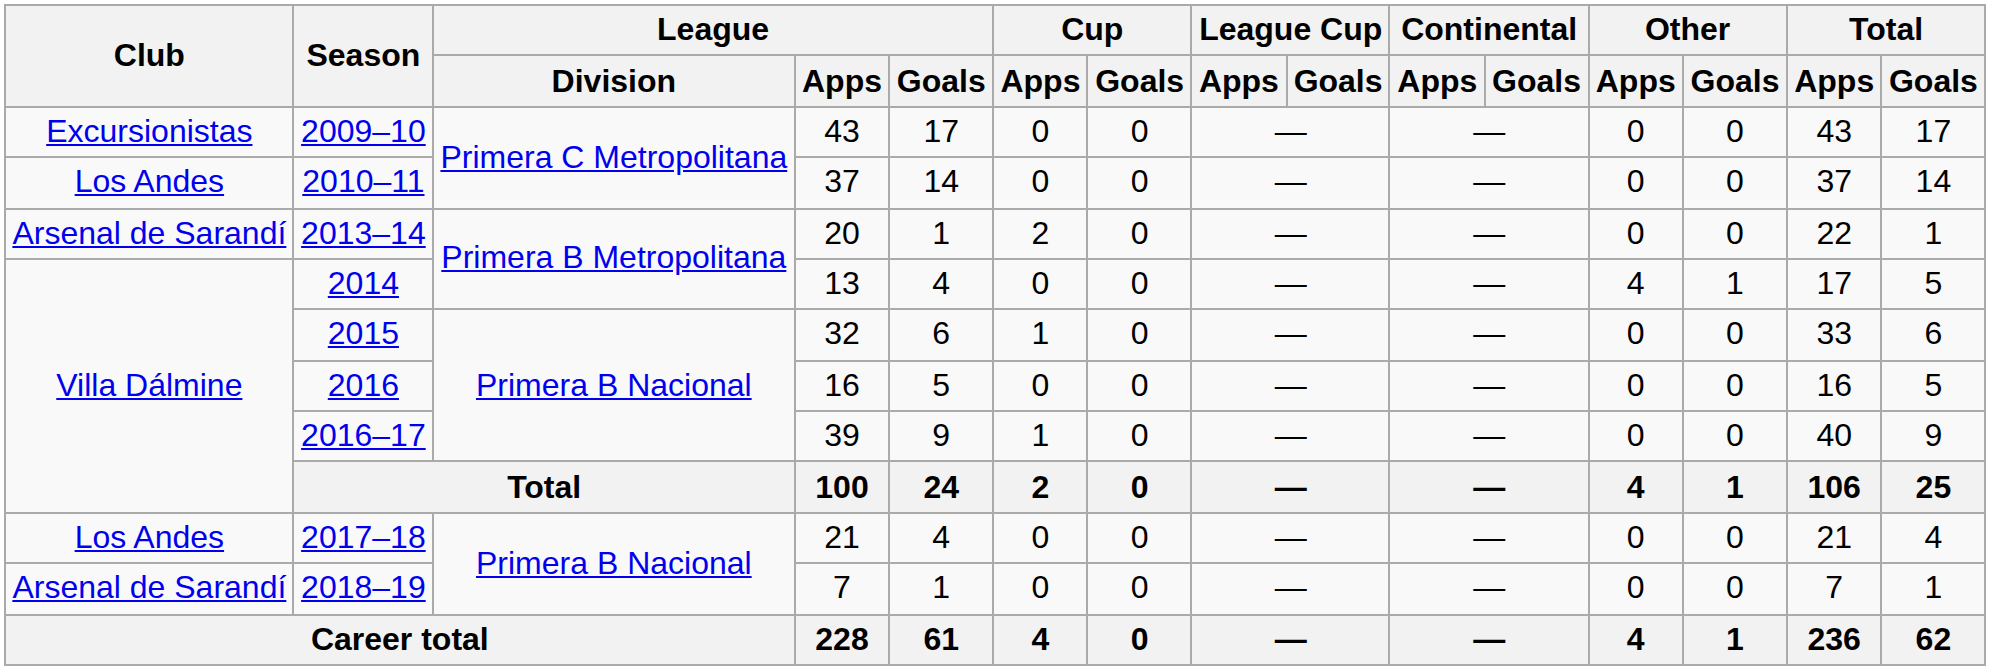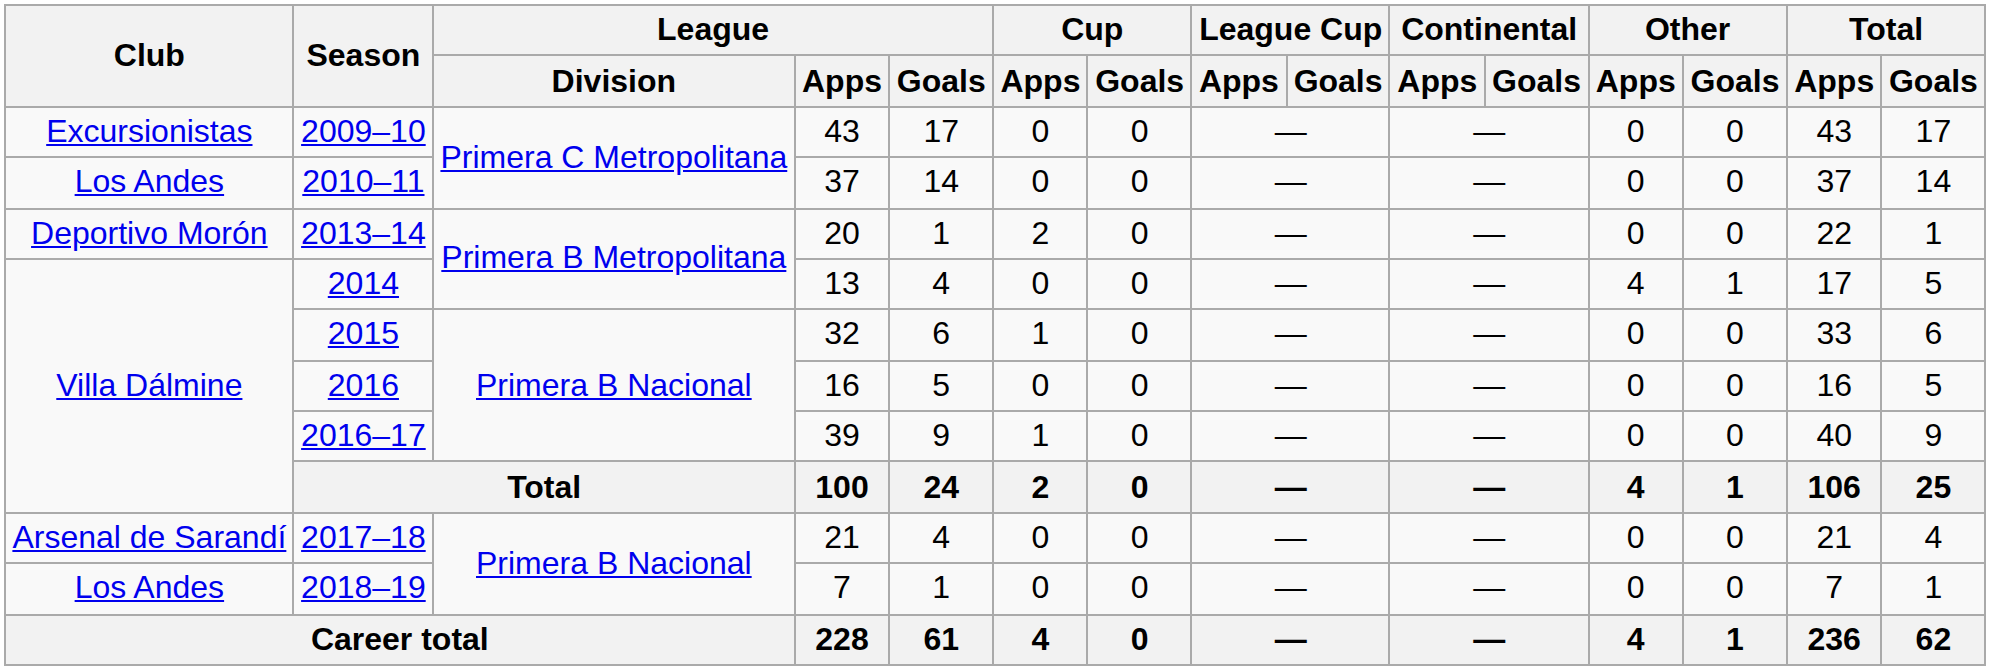 <table class="wikitable" style="text-align:center">
 <tr>
 <th rowspan="2">Club</th>
 <th rowspan="2">Season</th>
 <th colspan="3">League</th>
 <th colspan="2">Cup</th>
 <th colspan="2">League Cup</th>
 <th colspan="2">Continental</th>
 <th colspan="2">Other</th>
 <th colspan="2">Total</th>
 </tr>
 <tr>
 <th>Division</th>
 <th>Apps</th>
 <th>Goals</th>
 <th>Apps</th>
 <th>Goals</th>
 <th>Apps</th>
 <th>Goals</th>
 <th>Apps</th>
 <th>Goals</th>
 <th>Apps</th>
 <th>Goals</th>
 <th>Apps</th>
 <th>Goals</th>
 </tr>
 <tr>
 <td rowspan="1"><a href='#'>Excursionistas</a></td>
 <td><a href='#'>2009–10</a></td>
 <td rowspan="2"><a href='#'>Primera C Metropolitana</a></td>
 <td>43</td>
 <td>17</td>
 <td>0</td>
 <td>0</td>
 <td colspan="2">—</td>
 <td colspan="2">—</td>
 <td>0</td>
 <td>0</td>
 <td>43</td>
 <td>17</td>
 </tr>
 <tr>
 <td rowspan="1"><a href='#'>Los Andes</a></td>
 <td><a href='#'>2010–11</a></td>
 <td>37</td>
 <td>14</td>
 <td>0</td>
 <td>0</td>
 <td colspan="2">—</td>
 <td colspan="2">—</td>
 <td>0</td>
 <td>0</td>
 <td>37</td>
 <td>14</td>
 </tr>
 <tr>
-<td rowspan="1"><a href='#'>Arsenal de Sarandí</a></td>
+<td rowspan="1"><a href='#'>Deportivo Morón</a></td>
 <td><a href='#'>2013–14</a></td>
 <td rowspan="2"><a href='#'>Primera B Metropolitana</a></td>
 <td>20</td>
 <td>1</td>
 <td>2</td>
 <td>0</td>
 <td colspan="2">—</td>
 <td colspan="2">—</td>
 <td>0</td>
 <td>0</td>
 <td>22</td>
 <td>1</td>
 </tr>
 <tr>
 <td rowspan="5"><a href='#'>Villa Dálmine</a></td>
 <td><a href='#'>2014</a></td>
 <td>13</td>
 <td>4</td>
 <td>0</td>
 <td>0</td>
 <td colspan="2">—</td>
 <td colspan="2">—</td>
 <td>4</td>
 <td>1</td>
 <td>17</td>
 <td>5</td>
 </tr>
 <tr>
 <td><a href='#'>2015</a></td>
 <td rowspan="3"><a href='#'>Primera B Nacional</a></td>
 <td>32</td>
 <td>6</td>
 <td>1</td>
 <td>0</td>
 <td colspan="2">—</td>
 <td colspan="2">—</td>
 <td>0</td>
 <td>0</td>
 <td>33</td>
 <td>6</td>
 </tr>
 <tr>
 <td><a href='#'>2016</a></td>
 <td>16</td>
 <td>5</td>
 <td>0</td>
 <td>0</td>
 <td colspan="2">—</td>
 <td colspan="2">—</td>
 <td>0</td>
 <td>0</td>
 <td>16</td>
 <td>5</td>
 </tr>
 <tr>
 <td><a href='#'>2016–17</a></td>
 <td>39</td>
 <td>9</td>
 <td>1</td>
 <td>0</td>
 <td colspan="2">—</td>
 <td colspan="2">—</td>
 <td>0</td>
 <td>0</td>
 <td>40</td>
 <td>9</td>
 </tr>
 <tr>
 <th colspan="2">Total</th>
 <th>100</th>
 <th>24</th>
 <th>2</th>
 <th>0</th>
 <th colspan="2">—</th>
 <th colspan="2">—</th>
 <th>4</th>
 <th>1</th>
 <th>106</th>
 <th>25</th>
 </tr>
 <tr>
-<td rowspan="1"><a href='#'>Los Andes</a></td>
+<td rowspan="1"><a href='#'>Arsenal de Sarandí</a></td>
 <td><a href='#'>2017–18</a></td>
 <td rowspan="2"><a href='#'>Primera B Nacional</a></td>
 <td>21</td>
 <td>4</td>
 <td>0</td>
 <td>0</td>
 <td colspan="2">—</td>
 <td colspan="2">—</td>
 <td>0</td>
 <td>0</td>
 <td>21</td>
 <td>4</td>
 </tr>
 <tr>
-<td rowspan="1"><a href='#'>Arsenal de Sarandí</a></td>
+<td rowspan="1"><a href='#'>Los Andes</a></td>
 <td><a href='#'>2018–19</a></td>
 <td>7</td>
 <td>1</td>
 <td>0</td>
 <td>0</td>
 <td colspan="2">—</td>
 <td colspan="2">—</td>
 <td>0</td>
 <td>0</td>
 <td>7</td>
 <td>1</td>
 </tr>
 <tr>
 <th colspan="3">Career total</th>
 <th>228</th>
 <th>61</th>
 <th>4</th>
 <th>0</th>
 <th colspan="2">—</th>
 <th colspan="2">—</th>
 <th>4</th>
 <th>1</th>
 <th>236</th>
 <th>62</th>
 </tr>
 </table>
